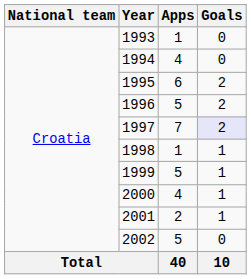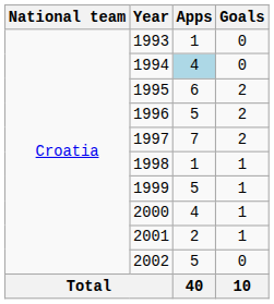 <table class="wikitable" style="text-align:center">
 <tr>
 <th>National team</th>
 <th>Year</th>
 <th>Apps</th>
 <th>Goals</th>
 </tr>
 <tr>
 <td rowspan="10"><a href='#'>Croatia</a></td>
 <td>1993</td>
 <td>1</td>
 <td>0</td>
 </tr>
 <tr>
 <td>1994</td>
-<td>4</td>
+<td style="background: lightblue;">4</td>
 <td>0</td>
 </tr>
 <tr>
 <td>1995</td>
 <td>6</td>
 <td>2</td>
 </tr>
 <tr>
 <td>1996</td>
 <td>5</td>
 <td>2</td>
 </tr>
 <tr>
 <td>1997</td>
 <td>7</td>
-<td style="background: lavender;">2</td>
+<td>2</td>
 </tr>
 <tr>
 <td>1998</td>
 <td>1</td>
 <td>1</td>
 </tr>
 <tr>
 <td>1999</td>
 <td>5</td>
 <td>1</td>
 </tr>
 <tr>
 <td>2000</td>
 <td>4</td>
 <td>1</td>
 </tr>
 <tr>
 <td>2001</td>
 <td>2</td>
 <td>1</td>
 </tr>
 <tr>
 <td>2002</td>
 <td>5</td>
 <td>0</td>
 </tr>
 <tr>
 <th colspan="2">Total</th>
 <th>40</th>
 <th>10</th>
 </tr>
 </table>
